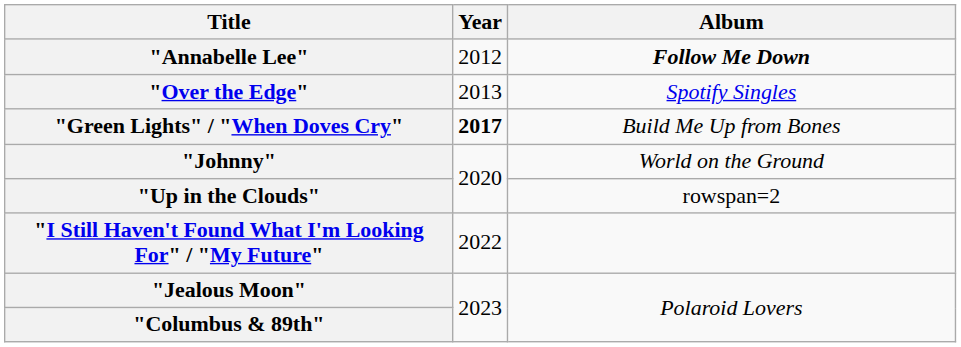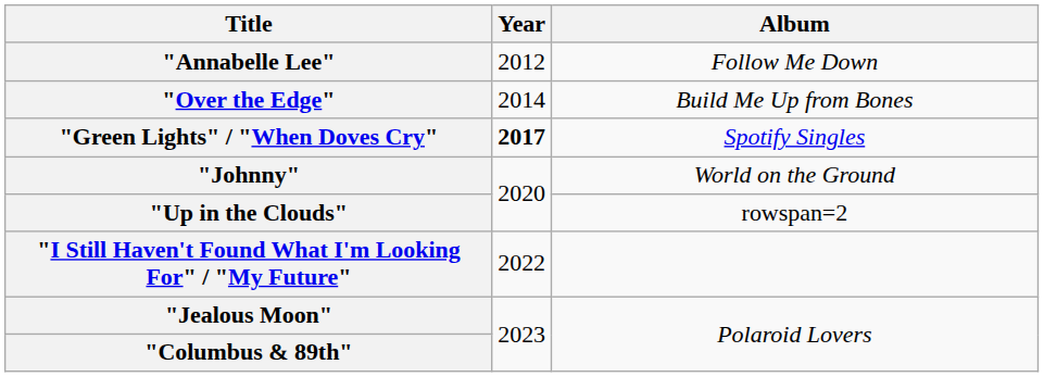 <table class="wikitable plainrowheaders" style="text-align:center;">
 <tr>
 <th rowspan="1" style="width:20em;">Title</th>
 <th rowspan="1" style="width:1em;">Year</th>
 <th rowspan="1" style="width:20em;">Album</th>
 </tr>
 <tr>
 <th scope="row">"Annabelle Lee"</th>
 <td>2012</td>
-<td><strong><em>Follow Me Down</em></strong></td>
+<td><em>Follow Me Down</em></td>
 </tr>
 <tr>
 <th scope="row">"<a href='#'>Over the Edge</a>"</th>
-<td>2013</td>
-<td><em><a href='#'>Spotify Singles</a></em></td>
+<td>2014</td>
+<td><em>Build Me Up from Bones</em></td>
 </tr>
 <tr>
 <th scope="row">"Green Lights" / "<a href='#'>When Doves Cry</a>"</th>
 <td><strong>2017</strong></td>
-<td><em>Build Me Up from Bones</em></td>
+<td><em><a href='#'>Spotify Singles</a></em></td>
 </tr>
 <tr>
 <th scope="row">"Johnny"</th>
 <td rowspan=2>2020</td>
 <td><em>World on the Ground</em></td>
 </tr>
 <tr>
 <th scope="row">"Up in the Clouds"</th>
 <td>rowspan=2 </td>
 </tr>
 <tr>
 <th scope="row">"<a href='#'>I Still Haven't Found What I'm Looking For</a>" / "<a href='#'>My Future</a>"</th>
 <td>2022</td>
 </tr>
 <tr>
 <th scope="row">"Jealous Moon"</th>
 <td rowspan=2>2023</td>
 <td rowspan=2><em>Polaroid Lovers</em></td>
 </tr>
 <tr>
 <th scope="row">"Columbus & 89th"</th>
 </tr>
 </table>
